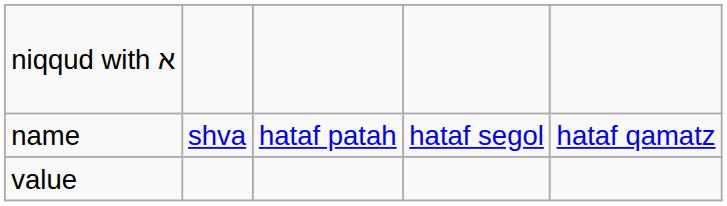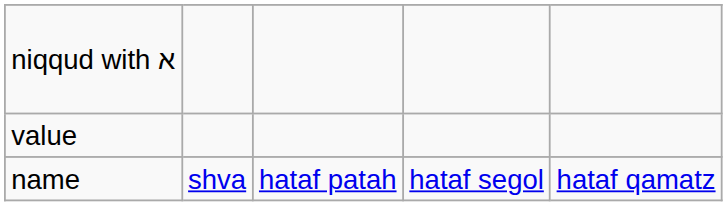 <table class="wikitable" style="font-size: 95%;" style="text-align:center;">
 <tr>
 <td>niqqud with א</td>
 <td style="font-family: 'david'; font-size:250%" height=40 valign=top><br></td>
 <td style="font-family: 'david'; font-size:250%" height=40 valign=top></td>
 <td style="font-family: 'david'; font-size:250%" height=40 valign=top></td>
 <td style="font-family: 'david'; font-size:250%" height=40 valign=top></td>
 </tr>
 <tr>
+<td>value</td>
+<td></td>
+<td></td>
+<td></td>
+<td></td>
+</tr>
+<tr>
 <td>name</td>
 <td><a href='#'>shva</a></td>
 <td><a href='#'>hataf patah</a></td>
 <td><a href='#'>hataf segol</a></td>
 <td><a href='#'>hataf qamatz</a></td>
 </tr>
-<tr>
-<td>value</td>
-<td></td>
-<td></td>
-<td></td>
-<td></td>
-</tr>
 </table>
